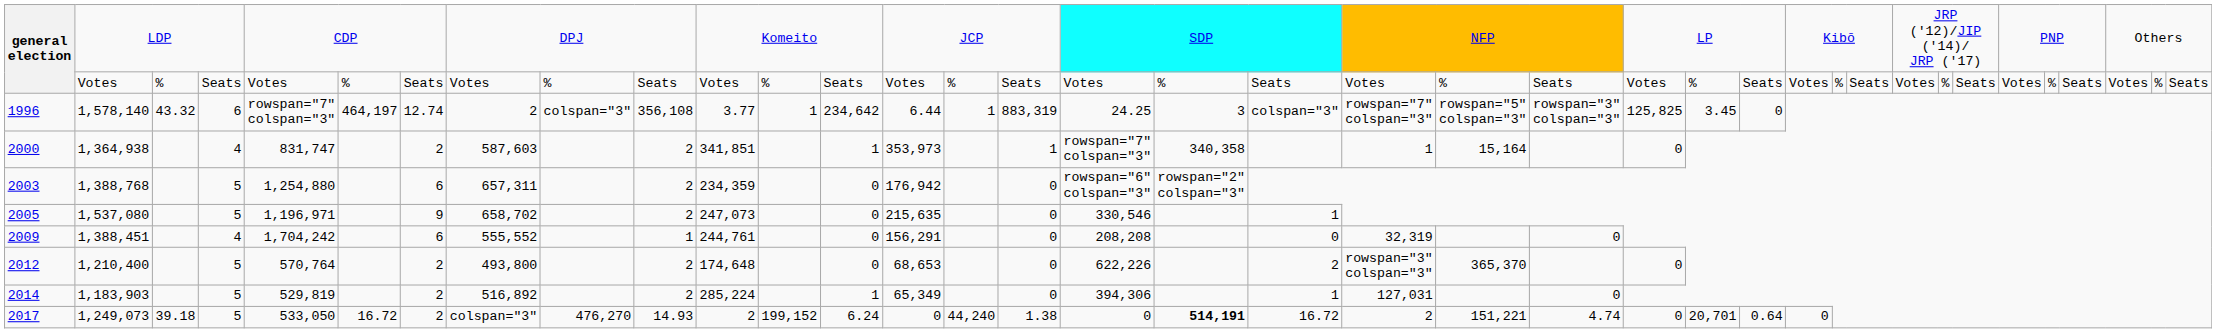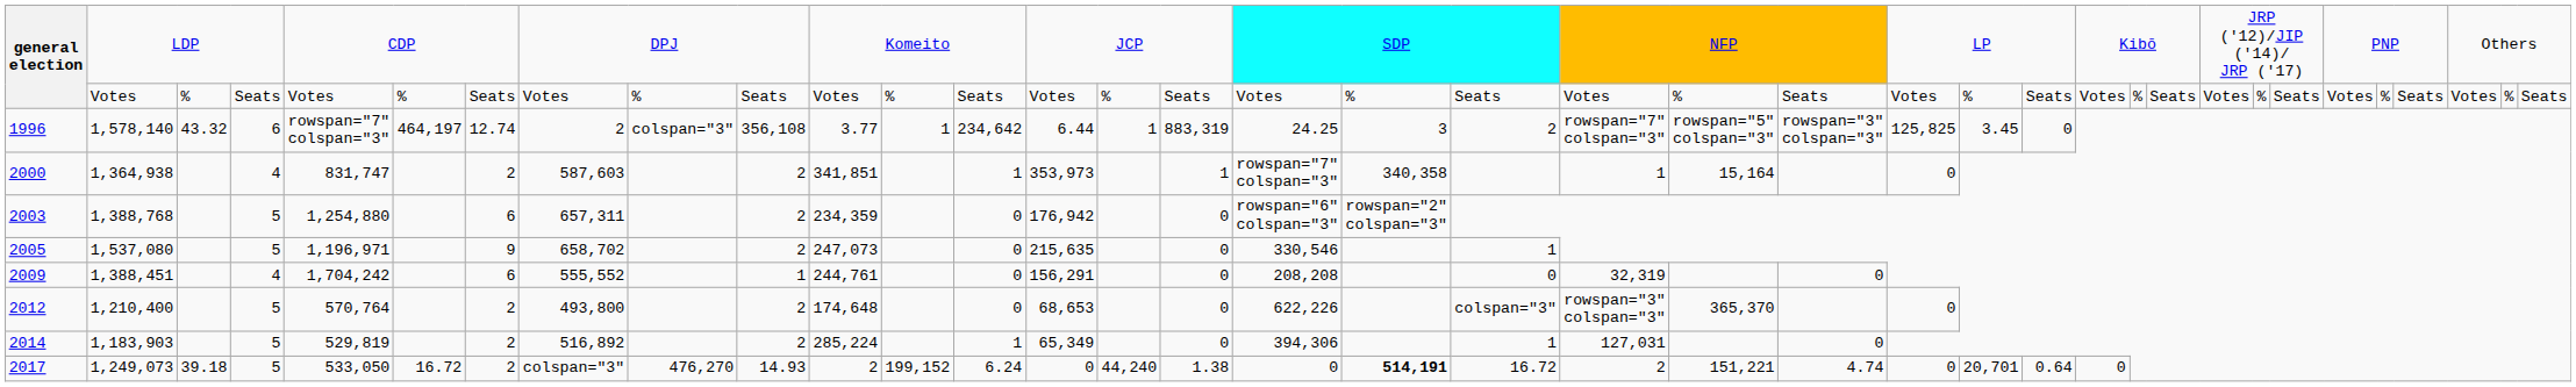 <table class="wikitable">
 <tr align="center">
 <th rowspan="2">general election</th>
 <td colspan="3" ><a href='#'>LDP</a></td>
 <td colspan="3" ><a href='#'>CDP</a></td>
 <td colspan="3" ><a href='#'>DPJ</a></td>
 <td colspan="3" ><a href='#'>Komeito</a></td>
 <td colspan="3" ><a href='#'>JCP</a></td>
 <td colspan="3" bgcolor="0FFFFF"><a href='#'>SDP</a></td>
 <td colspan="3" bgcolor="#FFBC00"><a href='#'>NFP</a></td>
 <td colspan="3" bgcolor=><a href='#'>LP</a></td>
 <td colspan="3" ><a href='#'>Kibō</a></td>
 <td colspan="3" bgcolor=><a href='#'>JRP</a> ('12)/<a href='#'>JIP</a> ('14)/<br><a href='#'>JRP</a> ('17)</td>
 <td colspan="3"  bgcolor=><a href='#'>PNP</a></td>
 <td colspan="3" >Others</td>
 </tr>
 <tr>
 <td>Votes</td>
 <td>%</td>
 <td>Seats</td>
 <td>Votes</td>
 <td>%</td>
 <td>Seats</td>
 <td>Votes</td>
 <td>%</td>
 <td>Seats</td>
 <td>Votes</td>
 <td>%</td>
 <td>Seats</td>
 <td>Votes</td>
 <td>%</td>
 <td>Seats</td>
 <td>Votes</td>
 <td>%</td>
 <td>Seats</td>
 <td>Votes</td>
 <td>%</td>
 <td>Seats</td>
 <td>Votes</td>
 <td>%</td>
 <td>Seats</td>
 <td>Votes</td>
 <td>%</td>
 <td>Seats</td>
 <td>Votes</td>
 <td>%</td>
 <td>Seats</td>
 <td>Votes</td>
 <td>%</td>
 <td>Seats</td>
 <td>Votes</td>
 <td>%</td>
 <td>Seats</td>
 </tr>
 <tr align="right">
 <td align="left"><a href='#'>1996</a></td>
 <td>1,578,140</td>
 <td>43.32</td>
 <td>6</td>
 <td>rowspan="7" colspan="3"</td>
 <td>464,197</td>
 <td>12.74</td>
 <td>2</td>
 <td>colspan="3"</td>
 <td>356,108</td>
 <td>3.77</td>
 <td>1</td>
 <td>234,642</td>
 <td>6.44</td>
 <td>1</td>
 <td>883,319</td>
 <td>24.25</td>
 <td>3</td>
-<td>colspan="3"</td>
+<td>2</td>
 <td>rowspan="7" colspan="3"</td>
 <td>rowspan="5" colspan="3"</td>
 <td>rowspan="3" colspan="3"</td>
 <td>125,825</td>
 <td>3.45</td>
 <td>0</td>
 </tr>
 <tr align="right">
 <td align="left"><a href='#'>2000</a></td>
 <td>1,364,938</td>
 <td></td>
 <td>4</td>
 <td>831,747</td>
 <td></td>
 <td>2</td>
 <td>587,603</td>
 <td></td>
 <td>2</td>
 <td>341,851</td>
 <td></td>
 <td>1</td>
 <td>353,973</td>
 <td></td>
 <td>1</td>
 <td>rowspan="7" colspan="3" </td>
 <td>340,358</td>
 <td></td>
 <td>1</td>
 <td>15,164</td>
 <td></td>
 <td>0</td>
 </tr>
 <tr align="right">
 <td align="left"><a href='#'>2003</a></td>
 <td>1,388,768</td>
 <td></td>
 <td>5</td>
 <td>1,254,880</td>
 <td></td>
 <td>6</td>
 <td>657,311</td>
 <td></td>
 <td>2</td>
 <td>234,359</td>
 <td></td>
 <td>0</td>
 <td>176,942</td>
 <td></td>
 <td>0</td>
 <td>rowspan="6" colspan="3" </td>
 <td>rowspan="2" colspan="3" </td>
 </tr>
 <tr align="right">
 <td align="left"><a href='#'>2005</a></td>
 <td>1,537,080</td>
 <td></td>
 <td>5</td>
 <td>1,196,971</td>
 <td></td>
 <td>9</td>
 <td>658,702</td>
 <td></td>
 <td>2</td>
 <td>247,073</td>
 <td></td>
 <td>0</td>
 <td>215,635</td>
 <td></td>
 <td>0</td>
 <td>330,546</td>
 <td></td>
 <td>1</td>
 </tr>
 <tr align="right">
 <td align="left"><a href='#'>2009</a></td>
 <td>1,388,451</td>
 <td></td>
 <td>4</td>
 <td>1,704,242</td>
 <td></td>
 <td>6</td>
 <td>555,552</td>
 <td></td>
 <td>1</td>
 <td>244,761</td>
 <td></td>
 <td>0</td>
 <td>156,291</td>
 <td></td>
 <td>0</td>
 <td>208,208</td>
 <td></td>
 <td>0</td>
 <td>32,319</td>
 <td></td>
 <td>0</td>
 </tr>
 <tr align="right">
 <td align="left"><a href='#'>2012</a></td>
 <td>1,210,400</td>
 <td></td>
 <td>5</td>
 <td>570,764</td>
 <td></td>
 <td>2</td>
 <td>493,800</td>
 <td></td>
 <td>2</td>
 <td>174,648</td>
 <td></td>
 <td>0</td>
 <td>68,653</td>
 <td></td>
 <td>0</td>
 <td>622,226</td>
 <td></td>
-<td>2</td>
+<td>colspan="3"</td>
 <td>rowspan="3" colspan="3" </td>
 <td>365,370</td>
 <td></td>
 <td>0</td>
 </tr>
 <tr align="right">
 <td align="left"><a href='#'>2014</a></td>
 <td>1,183,903</td>
 <td></td>
 <td>5</td>
 <td>529,819</td>
 <td></td>
 <td>2</td>
 <td>516,892</td>
 <td></td>
 <td>2</td>
 <td>285,224</td>
 <td></td>
 <td>1</td>
 <td>65,349</td>
 <td></td>
 <td>0</td>
 <td>394,306</td>
 <td></td>
 <td>1</td>
 <td>127,031</td>
 <td></td>
 <td>0</td>
 </tr>
 <tr align="right">
 <td align="left"><a href='#'>2017</a></td>
 <td>1,249,073</td>
 <td>39.18</td>
 <td>5</td>
 <td>533,050</td>
 <td>16.72</td>
 <td>2</td>
 <td>colspan="3" </td>
 <td>476,270</td>
 <td>14.93</td>
 <td>2</td>
 <td>199,152</td>
 <td>6.24</td>
 <td>0</td>
 <td>44,240</td>
 <td>1.38</td>
 <td>0</td>
 <td><strong>514,191</strong></td>
 <td>16.72</td>
 <td>2</td>
 <td>151,221</td>
 <td>4.74</td>
 <td>0</td>
 <td>20,701</td>
 <td>0.64</td>
 <td>0</td>
 </tr>
 </table>
